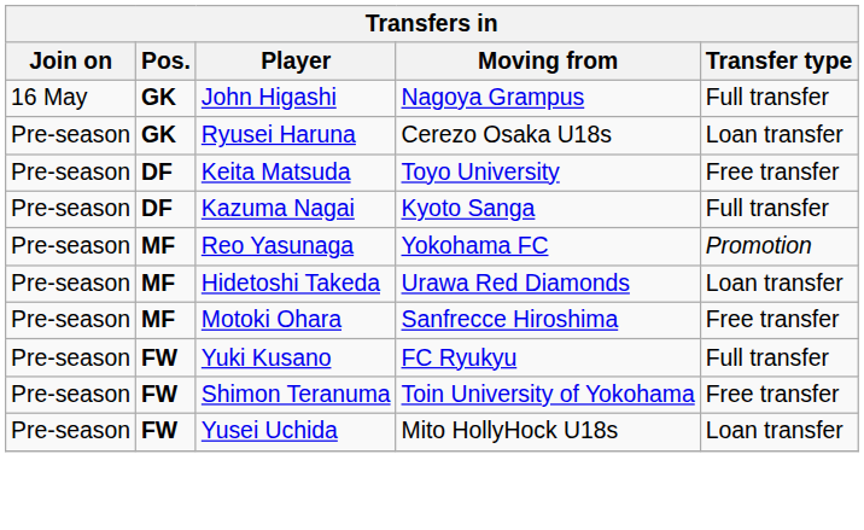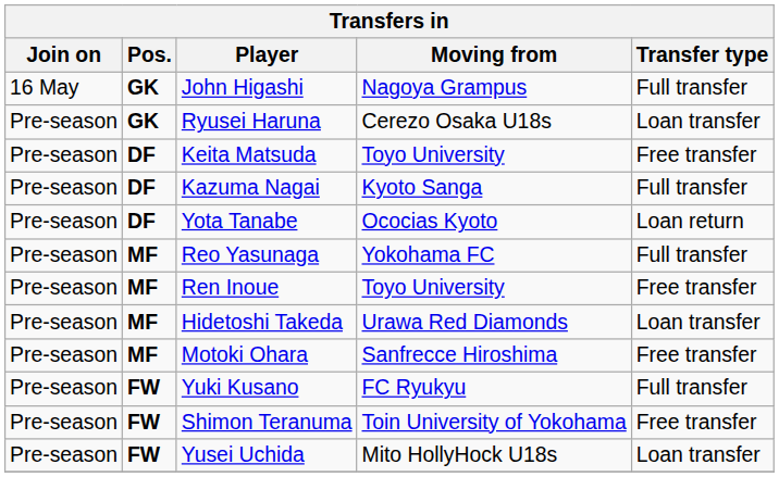 <table class="wikitable sortable" style=“text-align:left;>
 <tr>
 <th colspan="5">Transfers in</th>
 </tr>
 <tr>
 <th>Join on</th>
 <th>Pos.</th>
 <th>Player</th>
 <th>Moving from</th>
 <th>Transfer type</th>
 </tr>
 <tr>
 <td>16 May</td>
 <td><strong>GK</strong></td>
 <td> <a href='#'>John Higashi</a></td>
 <td> <a href='#'>Nagoya Grampus</a></td>
 <td>Full transfer</td>
 </tr>
 <tr>
 <td>Pre-season</td>
 <td><strong>GK</strong></td>
 <td> <a href='#'>Ryusei Haruna</a></td>
 <td> Cerezo Osaka U18s</td>
 <td>Loan transfer</td>
 </tr>
 <tr>
 <td>Pre-season</td>
 <td><strong>DF</strong></td>
 <td> <a href='#'>Keita Matsuda</a></td>
 <td> <a href='#'>Toyo University</a></td>
 <td>Free transfer</td>
 </tr>
 <tr>
 <td>Pre-season</td>
 <td><strong>DF</strong></td>
 <td> <a href='#'>Kazuma Nagai</a></td>
 <td> <a href='#'>Kyoto Sanga</a></td>
 <td>Full transfer</td>
 </tr>
 <tr>
 <td>Pre-season</td>
+<td><strong>DF</strong></td>
+<td> <a href='#'>Yota Tanabe</a></td>
+<td> <a href='#'>Ococias Kyoto</a></td>
+<td>Loan return</td>
+</tr>
+<tr>
+<td>Pre-season</td>
 <td><strong>MF</strong></td>
 <td> <a href='#'>Reo Yasunaga</a></td>
 <td> <a href='#'>Yokohama FC</a></td>
-<td><em>Promotion</em></td>
+<td>Full transfer</td>
+</tr>
+<tr>
+<td>Pre-season</td>
+<td><strong>MF</strong></td>
+<td> <a href='#'>Ren Inoue</a></td>
+<td> <a href='#'>Toyo University</a></td>
+<td>Free transfer</td>
 </tr>
 <tr>
 <td>Pre-season</td>
 <td><strong>MF</strong></td>
 <td> <a href='#'>Hidetoshi Takeda</a></td>
 <td> <a href='#'>Urawa Red Diamonds</a></td>
 <td>Loan transfer</td>
 </tr>
 <tr>
 <td>Pre-season</td>
 <td><strong>MF</strong></td>
 <td> <a href='#'>Motoki Ohara</a></td>
 <td> <a href='#'>Sanfrecce Hiroshima</a></td>
 <td>Free transfer</td>
 </tr>
 <tr>
 <td>Pre-season</td>
 <td><strong>FW</strong></td>
 <td> <a href='#'>Yuki Kusano</a></td>
 <td> <a href='#'>FC Ryukyu</a></td>
 <td>Full transfer</td>
 </tr>
 <tr>
 <td>Pre-season</td>
 <td><strong>FW</strong></td>
 <td> <a href='#'>Shimon Teranuma</a></td>
 <td> <a href='#'>Toin University of Yokohama</a></td>
 <td>Free transfer</td>
 </tr>
 <tr>
 <td>Pre-season</td>
 <td><strong>FW</strong></td>
 <td> <a href='#'>Yusei Uchida</a></td>
 <td>Mito HollyHock U18s</td>
 <td>Loan transfer</td>
 </tr>
 <tr>
 </tr>
 </table>
